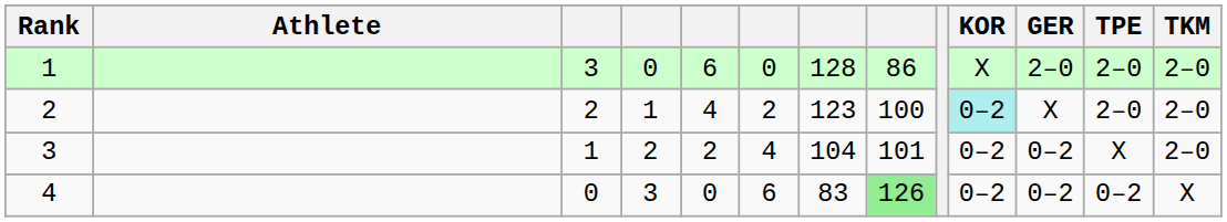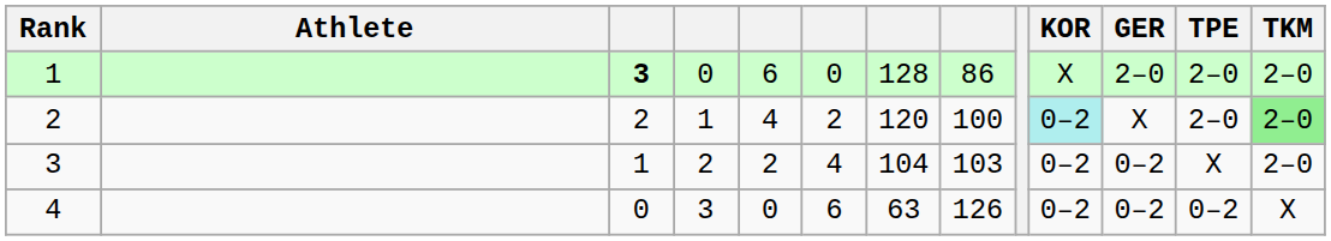 <table class="wikitable" style="text-align:center">
 <tr>
 <th width=40>Rank</th>
 <th width=300>Athlete</th>
 <th width=30></th>
 <th width=30></th>
 <th width=30></th>
 <th width=30></th>
 <th width=30></th>
 <th width=30></th>
 <th rowspan=5></th>
 <th width=30>KOR</th>
 <th width=30>GER</th>
 <th width=30>TPE</th>
 <th width=30>TKM</th>
 </tr>
 <tr style="background-color:#ccffcc;">
 <td>1</td>
 <td align=left></td>
-<td>3</td>
+<td><strong>3</strong></td>
 <td>0</td>
 <td>6</td>
 <td>0</td>
 <td>128</td>
 <td>86</td>
 <td>X</td>
 <td>2–0</td>
 <td>2–0</td>
 <td>2–0</td>
 </tr>
 <tr>
 <td>2</td>
 <td align=left></td>
 <td>2</td>
 <td>1</td>
 <td>4</td>
 <td>2</td>
-<td>123</td>
+<td>120</td>
 <td>100</td>
 <td style="background: paleturquoise;">0–2</td>
 <td>X</td>
 <td>2–0</td>
-<td>2–0</td>
+<td style="background: lightgreen;">2–0</td>
 </tr>
 <tr>
 <td>3</td>
 <td align=left></td>
 <td>1</td>
 <td>2</td>
 <td>2</td>
 <td>4</td>
 <td>104</td>
-<td>101</td>
+<td>103</td>
 <td>0–2</td>
 <td>0–2</td>
 <td>X</td>
 <td>2–0</td>
 </tr>
 <tr>
 <td>4</td>
 <td align=left></td>
 <td>0</td>
 <td>3</td>
 <td>0</td>
 <td>6</td>
-<td>83</td>
-<td style="background: lightgreen;">126</td>
+<td>63</td>
+<td>126</td>
 <td>0–2</td>
 <td>0–2</td>
 <td>0–2</td>
 <td>X</td>
 </tr>
 </table>
